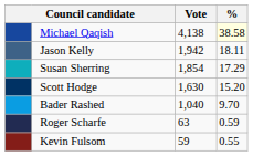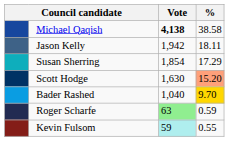 <table class="wikitable">
 <tr>
 <th width="230px" colspan="2">Council candidate</th>
 <th width="50px">Vote</th>
 <th width="30px">%</th>
 </tr>
 <tr>
 <td bgcolor=#17479E width="30px"> </td>
 <td>  <a href='#'>Michael Qaqish</a></td>
-<td>4,138</td>
-<td style="background: lightyellow;">38.58</td>
+<td><strong>4,138</strong></td>
+<td>38.58</td>
 </tr>
 <tr>
 <td bgcolor=#3E6287 width="30px"> </td>
 <td>  Jason Kelly</td>
 <td>1,942</td>
 <td>18.11</td>
 </tr>
 <tr>
 <td bgcolor=#0EAEBC width="30px"> </td>
 <td>  Susan Sherring</td>
 <td>1,854</td>
 <td>17.29</td>
 </tr>
 <tr>
 <td bgcolor=#003264 width="30px"> </td>
 <td>  Scott Hodge</td>
 <td>1,630</td>
-<td>15.20</td>
+<td style="background: lightsalmon;">15.20</td>
 </tr>
 <tr>
 <td bgcolor=#0A9DE2 width="30px"> </td>
 <td>  Bader Rashed</td>
 <td>1,040</td>
-<td>9.70</td>
+<td style="background: gold;">9.70</td>
 </tr>
 <tr>
 <td bgcolor=#222B52 width="30px"> </td>
 <td>  Roger Scharfe</td>
-<td>63</td>
+<td style="background: lightgreen;">63</td>
 <td>0.59</td>
 </tr>
 <tr>
 <td bgcolor=#841D18 width="30px"> </td>
 <td>  Kevin Fulsom</td>
-<td>59</td>
+<td style="background: paleturquoise;">59</td>
 <td>0.55</td>
 </tr>
 </table>
